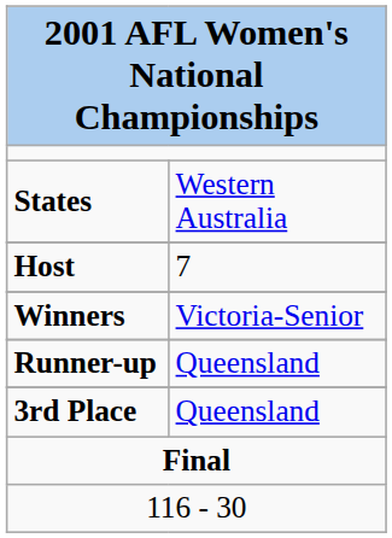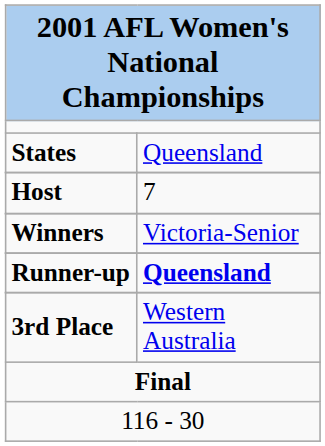 <table class="wikitable" align="right" width="200" style="margin-left:0.3em">
 <tr>
 <th style="background:#ABCDEF" align="center" colspan="2"><big>2001 AFL Women's National Championships</big></th>
 </tr>
 <tr>
 <td colspan="2" style="text-align: center;"></td>
 </tr>
 <tr>
 <td><strong>States</strong></td>
-<td><a href='#'>Western Australia</a></td>
+<td><a href='#'>Queensland</a></td>
 </tr>
 <tr style="text-align:center;">
 </tr>
 <tr>
 <td><strong>Host</strong></td>
 <td>7</td>
 </tr>
 <tr style="text-align:center;">
 </tr>
 <tr>
 <td><strong>Winners</strong></td>
 <td><a href='#'>Victoria-Senior</a></td>
 </tr>
 <tr style="text-align:center;">
 </tr>
 <tr>
 <td><strong>Runner-up</strong></td>
-<td><a href='#'>Queensland</a></td>
+<td><strong><a href='#'>Queensland</a></strong></td>
 </tr>
 <tr style="text-align:center;">
 </tr>
 <tr>
 <td><strong>3rd Place</strong></td>
-<td><a href='#'>Queensland</a></td>
+<td><a href='#'>Western Australia</a></td>
 </tr>
 <tr style="text-align:center;">
 <td colspan="2"><strong>Final</strong></td>
 </tr>
 <tr style="text-align:center;">
 <td colspan="2">116 - 30</td>
 </tr>
 </table>
